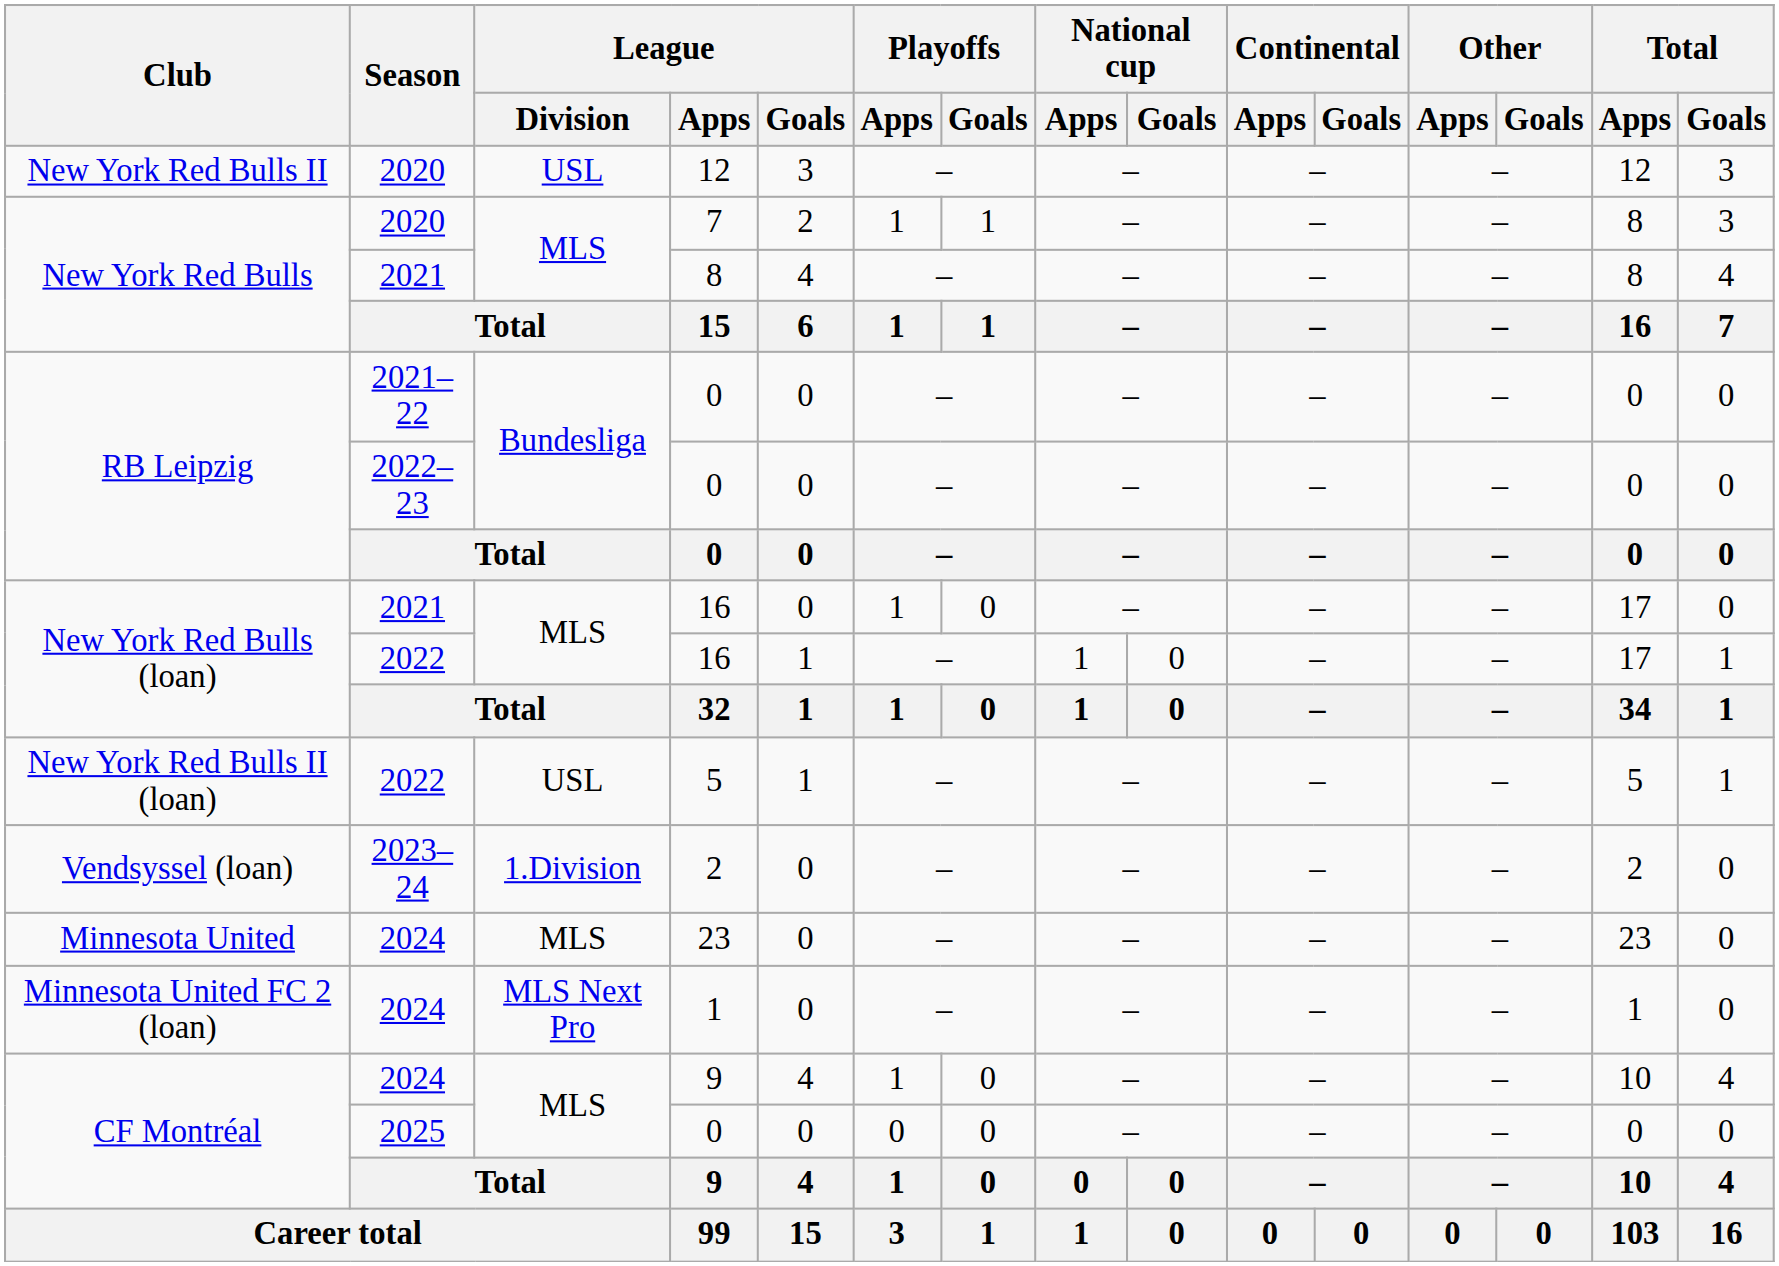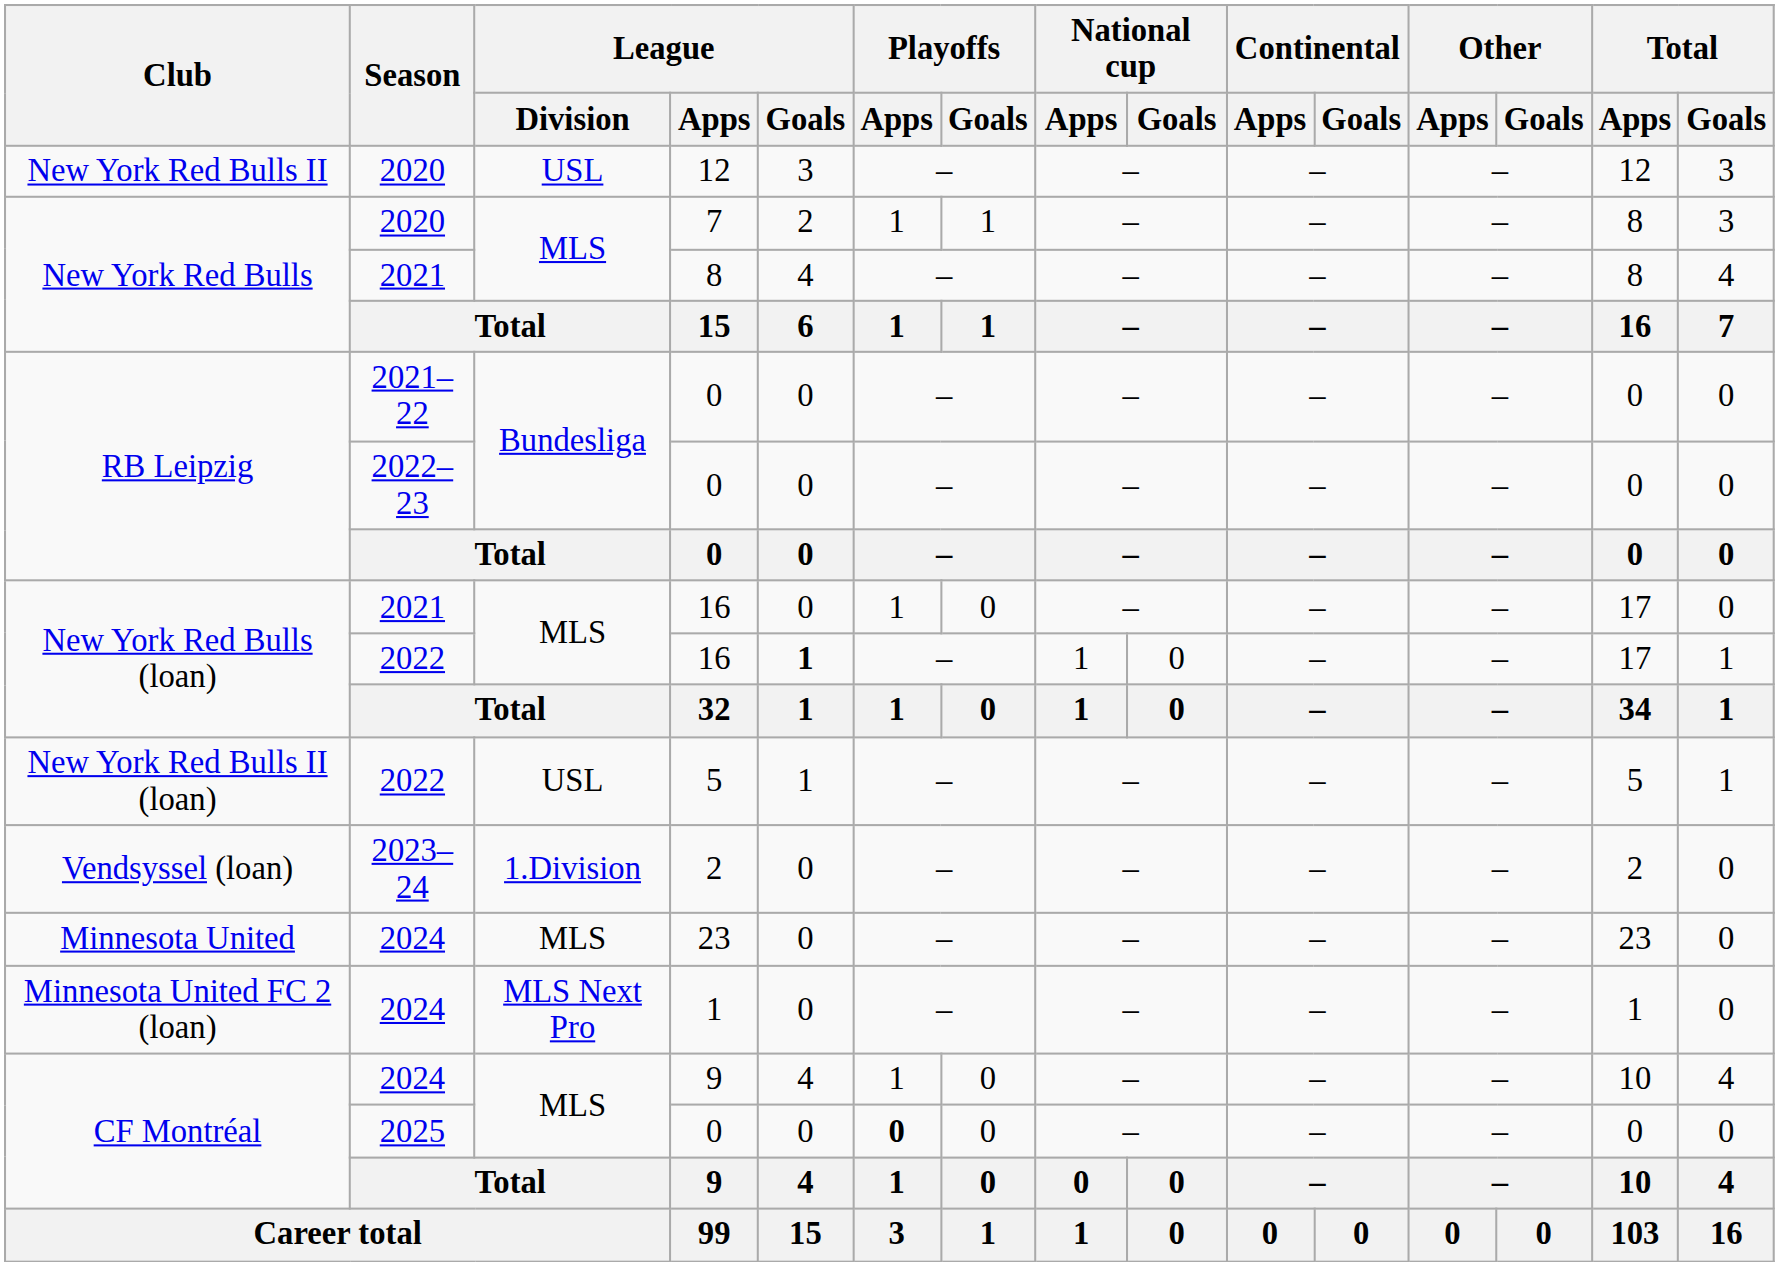 <table class="wikitable" style="text-align: center;">
 <tr>
 <th rowspan="2">Club</th>
 <th rowspan="2">Season</th>
 <th colspan="3">League</th>
 <th colspan="2">Playoffs</th>
 <th colspan="2">National cup</th>
 <th colspan="2">Continental</th>
 <th colspan="2">Other</th>
 <th colspan="2">Total</th>
 </tr>
 <tr>
 <th>Division</th>
 <th>Apps</th>
 <th>Goals</th>
 <th>Apps</th>
 <th>Goals</th>
 <th>Apps</th>
 <th>Goals</th>
 <th>Apps</th>
 <th>Goals</th>
 <th>Apps</th>
 <th>Goals</th>
 <th>Apps</th>
 <th>Goals</th>
 </tr>
 <tr>
 <td><a href='#'>New York Red Bulls II</a></td>
 <td><a href='#'>2020</a></td>
 <td><a href='#'>USL</a></td>
 <td>12</td>
 <td>3</td>
 <td colspan="2">–</td>
 <td colspan="2">–</td>
 <td colspan="2">–</td>
 <td colspan="2">–</td>
 <td>12</td>
 <td>3</td>
 </tr>
 <tr>
 <td rowspan="3"><a href='#'>New York Red Bulls</a></td>
 <td><a href='#'>2020</a></td>
 <td rowspan=2><a href='#'>MLS</a></td>
 <td>7</td>
 <td>2</td>
 <td>1</td>
 <td>1</td>
 <td colspan="2">–</td>
 <td colspan="2">–</td>
 <td colspan="2">–</td>
 <td>8</td>
 <td>3</td>
 </tr>
 <tr>
 <td><a href='#'>2021</a></td>
 <td>8</td>
 <td>4</td>
 <td colspan="2">–</td>
 <td colspan="2">–</td>
 <td colspan="2">–</td>
 <td colspan="2">–</td>
 <td>8</td>
 <td>4</td>
 </tr>
 <tr>
 <th colspan="2">Total</th>
 <th>15</th>
 <th>6</th>
 <th>1</th>
 <th>1</th>
 <th colspan="2">–</th>
 <th colspan="2">–</th>
 <th colspan="2">–</th>
 <th>16</th>
 <th>7</th>
 </tr>
 <tr>
 <td rowspan="3"><a href='#'>RB Leipzig</a></td>
 <td><a href='#'>2021–22</a></td>
 <td rowspan=2><a href='#'>Bundesliga</a></td>
 <td>0</td>
 <td>0</td>
 <td colspan="2">–</td>
 <td colspan="2">–</td>
 <td colspan="2">–</td>
 <td colspan="2">–</td>
 <td>0</td>
 <td>0</td>
 </tr>
 <tr>
 <td><a href='#'>2022–23</a></td>
 <td>0</td>
 <td>0</td>
 <td colspan="2">–</td>
 <td colspan="2">–</td>
 <td colspan="2">–</td>
 <td colspan="2">–</td>
 <td>0</td>
 <td>0</td>
 </tr>
 <tr>
 <th colspan="2">Total</th>
 <th>0</th>
 <th>0</th>
 <th colspan="2">–</th>
 <th colspan="2">–</th>
 <th colspan="2">–</th>
 <th colspan="2">–</th>
 <th>0</th>
 <th>0</th>
 </tr>
 <tr>
 <td rowspan="3"><a href='#'>New York Red Bulls</a> (loan)</td>
 <td><a href='#'>2021</a></td>
 <td rowspan=2>MLS</td>
 <td>16</td>
 <td>0</td>
 <td>1</td>
 <td>0</td>
 <td colspan="2">–</td>
 <td colspan="2">–</td>
 <td colspan="2">–</td>
 <td>17</td>
 <td>0</td>
 </tr>
 <tr>
 <td><a href='#'>2022</a></td>
 <td>16</td>
-<td>1</td>
+<td><strong>1</strong></td>
 <td colspan="2">–</td>
 <td>1</td>
 <td>0</td>
 <td colspan="2">–</td>
 <td colspan="2">–</td>
 <td>17</td>
 <td>1</td>
 </tr>
 <tr>
 <th colspan="2">Total</th>
 <th>32</th>
 <th>1</th>
 <th>1</th>
 <th>0</th>
 <th>1</th>
 <th>0</th>
 <th colspan="2">–</th>
 <th colspan="2">–</th>
 <th>34</th>
 <th>1</th>
 </tr>
 <tr>
 <td><a href='#'>New York Red Bulls II</a> (loan)</td>
 <td><a href='#'>2022</a></td>
 <td>USL</td>
 <td>5</td>
 <td>1</td>
 <td colspan="2">–</td>
 <td colspan="2">–</td>
 <td colspan="2">–</td>
 <td colspan="2">–</td>
 <td>5</td>
 <td>1</td>
 </tr>
 <tr>
 <td><a href='#'>Vendsyssel</a> (loan)</td>
 <td><a href='#'>2023–24</a></td>
 <td><a href='#'>1.Division</a></td>
 <td>2</td>
 <td>0</td>
 <td colspan="2">–</td>
 <td colspan="2">–</td>
 <td colspan="2">–</td>
 <td colspan="2">–</td>
 <td>2</td>
 <td>0</td>
 </tr>
 <tr>
 <td><a href='#'>Minnesota United</a></td>
 <td><a href='#'>2024</a></td>
 <td>MLS</td>
 <td>23</td>
 <td>0</td>
 <td colspan="2">–</td>
 <td colspan="2">–</td>
 <td colspan="2">–</td>
 <td colspan="2">–</td>
 <td>23</td>
 <td>0</td>
 </tr>
 <tr>
 <td><a href='#'>Minnesota United FC 2</a> (loan)</td>
 <td><a href='#'>2024</a></td>
 <td><a href='#'>MLS Next Pro</a></td>
 <td>1</td>
 <td>0</td>
 <td colspan="2">–</td>
 <td colspan="2">–</td>
 <td colspan="2">–</td>
 <td colspan="2">–</td>
 <td>1</td>
 <td>0</td>
 </tr>
 <tr>
 <td rowspan="3"><a href='#'>CF Montréal</a></td>
 <td><a href='#'>2024</a></td>
 <td rowspan=2>MLS</td>
 <td>9</td>
 <td>4</td>
 <td>1</td>
 <td>0</td>
 <td colspan="2">–</td>
 <td colspan="2">–</td>
 <td colspan="2">–</td>
 <td>10</td>
 <td>4</td>
 </tr>
 <tr>
 <td><a href='#'>2025</a></td>
 <td>0</td>
 <td>0</td>
-<td>0</td>
+<td><strong>0</strong></td>
 <td>0</td>
 <td colspan="2">–</td>
 <td colspan="2">–</td>
 <td colspan="2">–</td>
 <td>0</td>
 <td>0</td>
 </tr>
 <tr>
 <th colspan="2">Total</th>
 <th>9</th>
 <th>4</th>
 <th>1</th>
 <th>0</th>
 <th>0</th>
 <th>0</th>
 <th colspan="2">–</th>
 <th colspan="2">–</th>
 <th>10</th>
 <th>4</th>
 </tr>
 <tr>
 <th colspan="3">Career total</th>
 <th>99</th>
 <th>15</th>
 <th>3</th>
 <th>1</th>
 <th>1</th>
 <th>0</th>
 <th>0</th>
 <th>0</th>
 <th>0</th>
 <th>0</th>
 <th>103</th>
 <th>16</th>
 </tr>
 </table>
